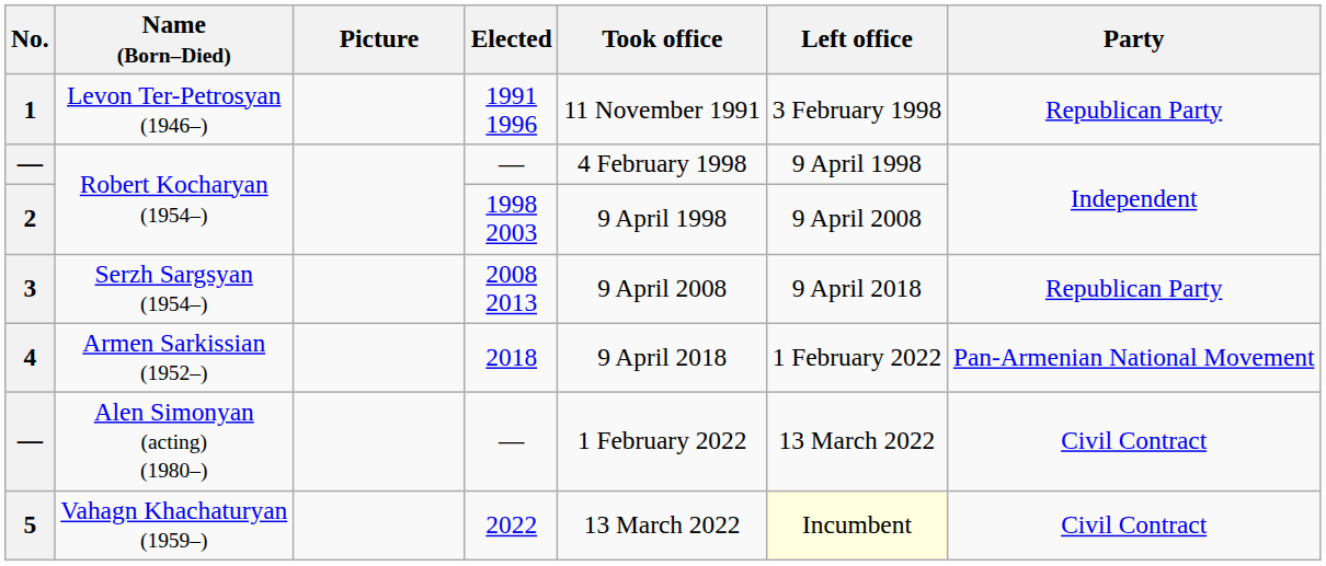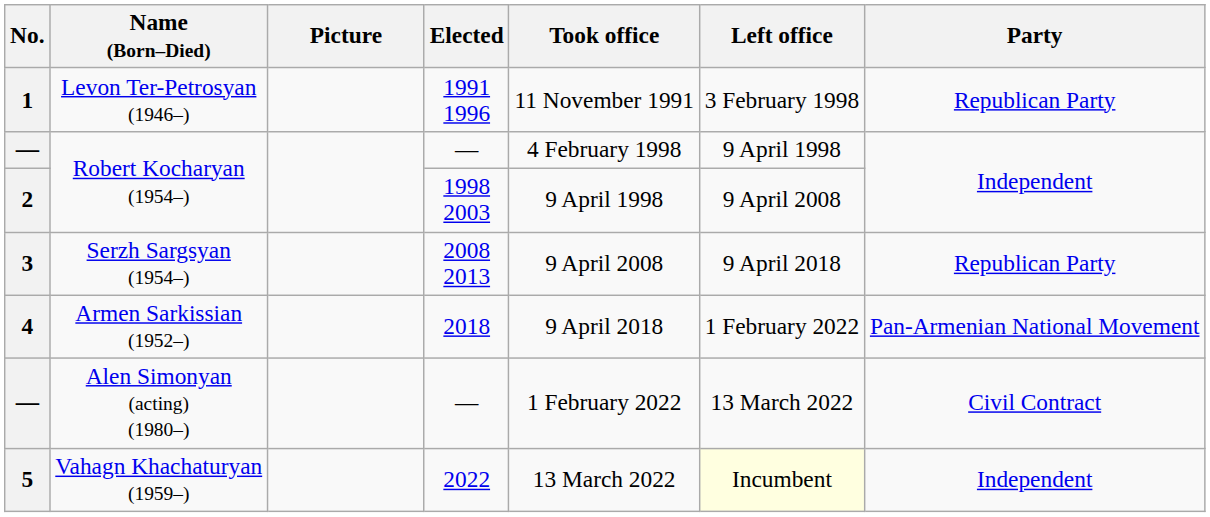 <table class="wikitable" style="text-align:center">
 <tr>
 <th>No.</th>
 <th>Name<br><small>(Born–Died)</small></th>
 <th width="100px">Picture</th>
 <th>Elected</th>
 <th>Took office</th>
 <th>Left office</th>
 <th>Party</th>
 </tr>
 <tr>
 <th style="background:">1</th>
 <td><a href='#'>Levon Ter-Petrosyan</a><br><small>(1946–)</small></td>
 <td></td>
 <td><a href='#'>1991</a><br><a href='#'>1996</a></td>
 <td>11 November 1991</td>
 <td>3 February 1998</td>
 <td><a href='#'>Republican Party</a></td>
 </tr>
 <tr>
 <th>—</th>
 <td rowspan="2"><a href='#'>Robert Kocharyan</a><br><small>(1954–)</small></td>
 <td rowspan="2"></td>
 <td>—</td>
 <td>4 February 1998</td>
 <td>9 April 1998</td>
 <td rowspan="2"><a href='#'>Independent</a></td>
 </tr>
 <tr>
 <th style="background:">2</th>
 <td><a href='#'>1998</a><br><a href='#'>2003</a></td>
 <td>9 April 1998</td>
 <td>9 April 2008</td>
 </tr>
 <tr>
 <th style="background:">3</th>
 <td><a href='#'>Serzh Sargsyan</a><br><small>(1954–)</small></td>
 <td></td>
 <td><a href='#'>2008</a><br><a href='#'>2013</a></td>
 <td>9 April 2008</td>
 <td>9 April 2018</td>
 <td><a href='#'>Republican Party</a></td>
 </tr>
 <tr>
 <th style="background:">4</th>
 <td><a href='#'>Armen Sarkissian</a><br><small>(1952–)</small></td>
 <td></td>
 <td><a href='#'>2018</a></td>
 <td>9 April 2018</td>
 <td>1 February 2022</td>
 <td><a href='#'>Pan-Armenian National Movement</a></td>
 </tr>
 <tr>
 <th style="background:">—</th>
 <td><a href='#'>Alen Simonyan</a><br><small>(acting)</small><br><small>(1980–)</small></td>
 <td></td>
 <td>—</td>
 <td>1 February 2022</td>
 <td>13 March 2022</td>
 <td><a href='#'>Civil Contract</a></td>
 </tr>
 <tr>
 <th style="background:">5</th>
 <td><a href='#'>Vahagn Khachaturyan</a><br><small>(1959–)</small></td>
 <td></td>
 <td><a href='#'>2022</a></td>
 <td>13 March 2022</td>
 <td style="background: lightyellow;">Incumbent</td>
-<td><a href='#'>Civil Contract</a></td>
+<td><a href='#'>Independent</a></td>
 </tr>
 </table>
